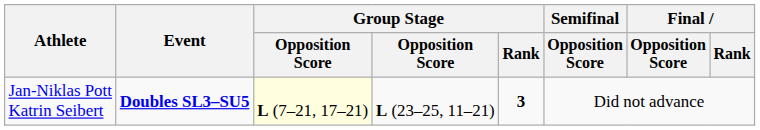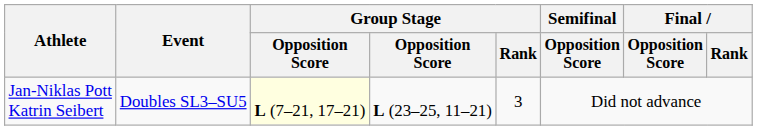 <table class="wikitable" style="font-size:90%; text-align:center">
 <tr>
 <th rowspan="2">Athlete</th>
 <th rowspan="2">Event</th>
 <th colspan="3">Group Stage</th>
 <th>Semifinal</th>
 <th colspan="2">Final / </th>
 </tr>
 <tr style="font-size:95%">
 <th>Opposition<br>Score</th>
 <th>Opposition<br>Score</th>
 <th>Rank</th>
 <th>Opposition<br>Score</th>
 <th>Opposition<br>Score</th>
 <th>Rank</th>
 </tr>
 <tr>
 <td align="left"><a href='#'>Jan-Niklas Pott</a><br><a href='#'>Katrin Seibert</a></td>
-<td align="left"><strong><a href='#'>Doubles SL3–SU5</a></strong></td>
+<td align="left"><a href='#'>Doubles SL3–SU5</a></td>
 <td style="background: lightyellow;"><br><strong>L</strong> (7–21, 17–21)</td>
 <td><br><strong>L</strong> (23–25, 11–21)</td>
-<td><strong>3</strong></td>
+<td>3</td>
 <td colspan="3">Did not advance</td>
 </tr>
 </table>
